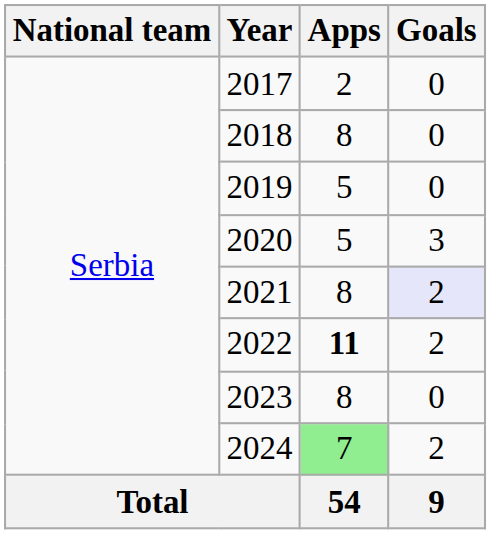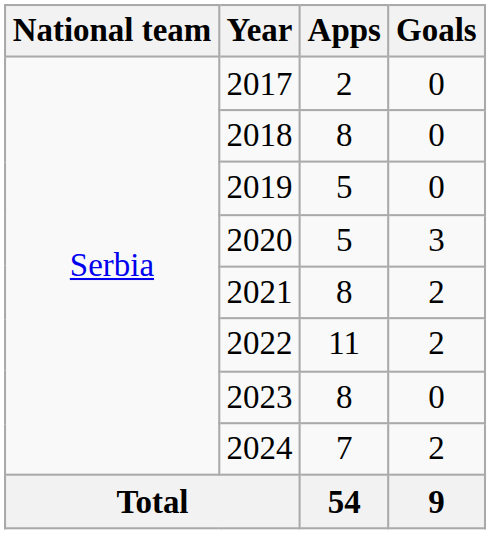 <table class="wikitable" style="text-align:center">
 <tr>
 <th>National team</th>
 <th>Year</th>
 <th>Apps</th>
 <th>Goals</th>
 </tr>
 <tr>
 <td rowspan="8"><a href='#'>Serbia</a></td>
 <td>2017</td>
 <td>2</td>
 <td>0</td>
 </tr>
 <tr>
 <td>2018</td>
 <td>8</td>
 <td>0</td>
 </tr>
 <tr>
 <td>2019</td>
 <td>5</td>
 <td>0</td>
 </tr>
 <tr>
 <td>2020</td>
 <td>5</td>
 <td>3</td>
 </tr>
 <tr>
 <td>2021</td>
 <td>8</td>
-<td style="background: lavender;">2</td>
+<td>2</td>
 </tr>
 <tr>
 <td>2022</td>
-<td><strong>11</strong></td>
+<td>11</td>
 <td>2</td>
 </tr>
 <tr>
 <td>2023</td>
 <td>8</td>
 <td>0</td>
 </tr>
 <tr>
 <td>2024</td>
-<td style="background: lightgreen;">7</td>
+<td>7</td>
 <td>2</td>
 </tr>
 <tr>
 <th colspan="2">Total</th>
 <th>54</th>
 <th>9</th>
 </tr>
 </table>
